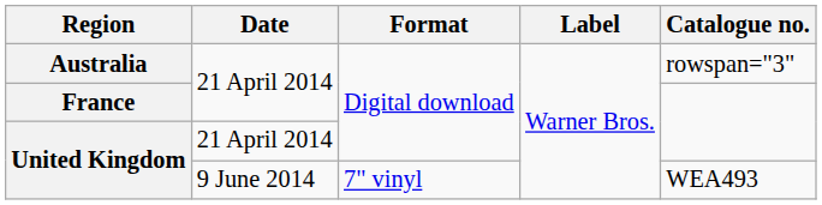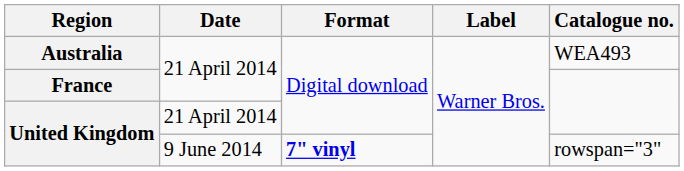 <table class="wikitable sortable plainrowheaders">
 <tr>
 <th scope="col">Region</th>
 <th scope="col">Date</th>
 <th scope="col">Format</th>
 <th scope="col">Label</th>
 <th scope="col" class="unsortable">Catalogue no.</th>
 </tr>
 <tr>
 <th scope="row">Australia</th>
 <td rowspan="2">21 April 2014</td>
 <td rowspan="3"><a href='#'>Digital download</a></td>
 <td rowspan="4"><a href='#'>Warner Bros.</a></td>
-<td>rowspan="3" </td>
+<td>WEA493</td>
 </tr>
 <tr>
 <th scope="row">France</th>
 </tr>
 <tr>
 <th scope="row" rowspan="2">United Kingdom</th>
 <td>21 April 2014</td>
 </tr>
 <tr>
 <td>9 June 2014</td>
-<td><a href='#'>7" vinyl</a></td>
-<td>WEA493</td>
+<td><strong><a href='#'>7" vinyl</a></strong></td>
+<td>rowspan="3" </td>
 </tr>
 </table>
